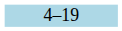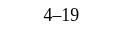 <table style="text-align:center">
 <tr>
 <th width=200></th>
 <th width=100></th>
 <th width=200></th>
 </tr>
 <tr>
 <td align=right></td>
-<td style="background: lightblue;">4–19</td>
+<td>4–19</td>
 <td align=left><strong></strong></td>
 </tr>
 </table>
